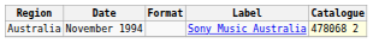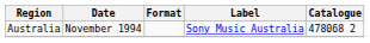 <table class="wikitable plainrowheaders">
 <tr>
 <th scope="col">Region</th>
 <th scope="col">Date</th>
 <th scope="col">Format</th>
 <th scope="col">Label</th>
 <th scope="col">Catalogue</th>
 </tr>
 <tr>
 <td>Australia</td>
 <td>November 1994</td>
 <td></td>
 <td><a href='#'>Sony Music Australia</a></td>
-<td style="background: lightyellow;">478068 2</td>
+<td>478068 2</td>
 </tr>
 <tr>
 </tr>
 </table>
